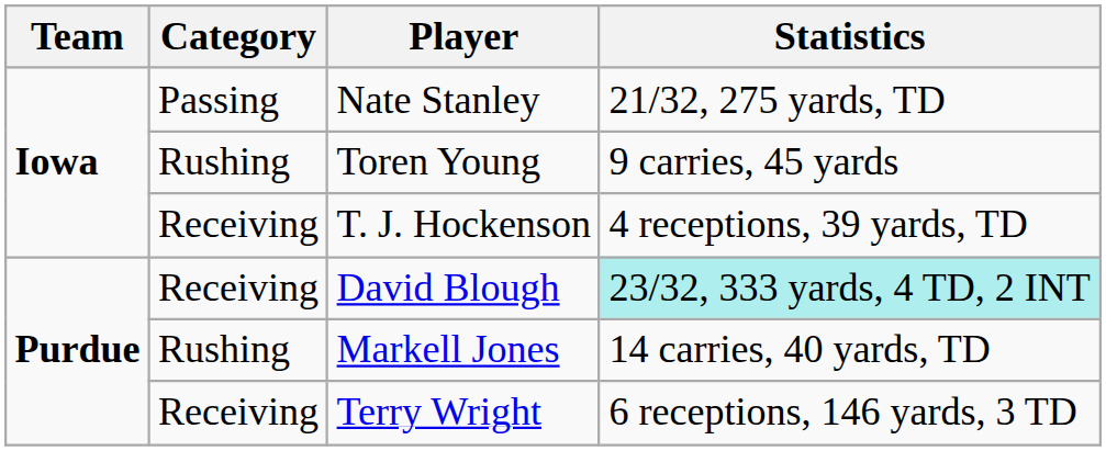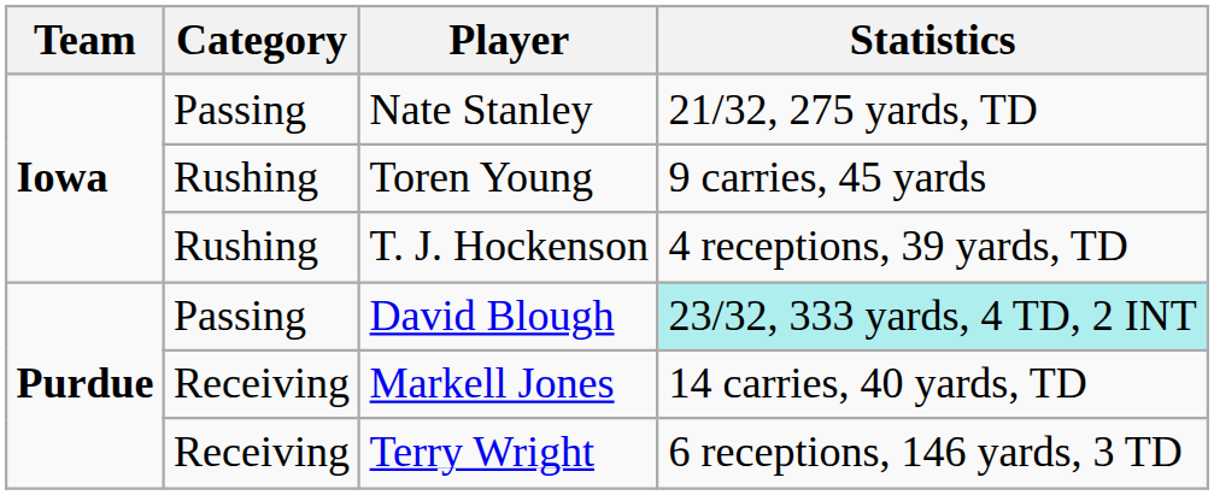 <table class="wikitable" style="float: left;">
 <tr>
 <th>Team</th>
 <th>Category</th>
 <th>Player</th>
 <th>Statistics</th>
 </tr>
 <tr>
 <td rowspan=3><strong>Iowa</strong></td>
 <td>Passing</td>
 <td>Nate Stanley</td>
 <td>21/32, 275 yards, TD</td>
 </tr>
 <tr>
 <td>Rushing</td>
 <td>Toren Young</td>
 <td>9 carries, 45 yards</td>
 </tr>
 <tr>
-<td>Receiving</td>
+<td>Rushing</td>
 <td>T. J. Hockenson</td>
 <td>4 receptions, 39 yards, TD</td>
 </tr>
 <tr>
 <td rowspan=3><strong>Purdue</strong></td>
-<td>Receiving</td>
+<td>Passing</td>
 <td><a href='#'>David Blough</a></td>
 <td style="background: paleturquoise;">23/32, 333 yards, 4 TD, 2 INT</td>
 </tr>
 <tr>
-<td>Rushing</td>
+<td>Receiving</td>
 <td><a href='#'>Markell Jones</a></td>
 <td>14 carries, 40 yards, TD</td>
 </tr>
 <tr>
 <td>Receiving</td>
 <td><a href='#'>Terry Wright</a></td>
 <td>6 receptions, 146 yards, 3 TD</td>
 </tr>
 </table>
